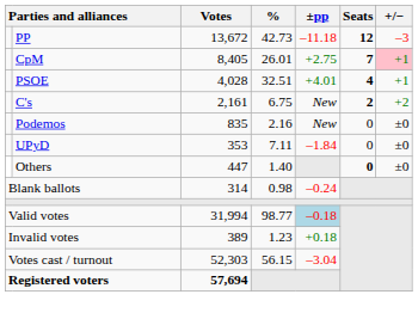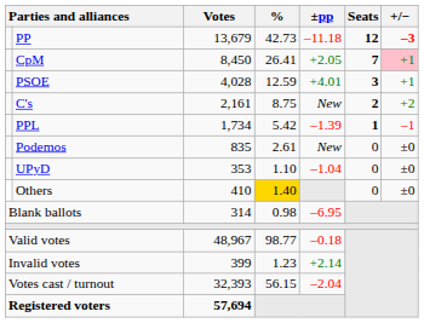 <table class="wikitable" style="text-align:right;">
 <tr>
 <th style="text-align:left;" colspan="2" width="200">Parties and alliances</th>
 <th width="75">Votes</th>
 <th width="45">%</th>
 <th width="45">±<a href='#'>pp</a></th>
 <th width="35">Seats</th>
 <th width="35">+/−</th>
 </tr>
 <tr>
 <td width="1" style="color:inherit;background:"></td>
 <td align="left"><a href='#'>PP</a></td>
-<td>13,672</td>
+<td>13,679</td>
 <td>42.73</td>
 <td style="color:red;">–11.18</td>
 <td><strong>12</strong></td>
-<td style="color:red;">–3</td>
+<td style="color:red;"><strong>–3</strong></td>
 </tr>
 <tr>
 <td style="color:inherit;background:"></td>
 <td align="left"><a href='#'>CpM</a></td>
-<td>8,405</td>
-<td>26.01</td>
-<td style="color:green;">+2.75</td>
+<td>8,450</td>
+<td>26.41</td>
+<td style="color:green;">+2.05</td>
 <td><strong>7</strong></td>
 <td style="background: pink; color:green;">+1</td>
 </tr>
 <tr>
 <td style="color:inherit;background:"></td>
 <td align="left"><a href='#'>PSOE</a></td>
 <td>4,028</td>
-<td>32.51</td>
+<td>12.59</td>
 <td style="color:green;">+4.01</td>
-<td><strong>4</strong></td>
+<td><strong>3</strong></td>
 <td style="color:green;">+1</td>
 </tr>
 <tr>
 <td style="color:inherit;background:"></td>
 <td align="left"><a href='#'>C's</a></td>
 <td>2,161</td>
-<td>6.75</td>
+<td>8.75</td>
 <td><em>New</em></td>
 <td><strong>2</strong></td>
 <td style="color:green;">+2</td>
 </tr>
 <tr>
 <td style="color:inherit;background:"></td>
+<td align="left"><a href='#'>PPL</a></td>
+<td>1,734</td>
+<td>5.42</td>
+<td style="color:red;">–1.39</td>
+<td><strong>1</strong></td>
+<td style="color:red;">–1</td>
+</tr>
+<tr>
+<td style="color:inherit;background:"></td>
 <td align="left"><a href='#'>Podemos</a></td>
 <td>835</td>
-<td>2.16</td>
+<td>2.61</td>
 <td><em>New</em></td>
 <td>0</td>
 <td>±0</td>
 </tr>
 <tr>
 <td style="color:inherit;background:"></td>
 <td align="left"><a href='#'>UPyD</a></td>
 <td>353</td>
-<td>7.11</td>
-<td style="color:red;">–1.84</td>
+<td>1.10</td>
+<td style="color:red;">–1.04</td>
 <td>0</td>
 <td>±0</td>
 </tr>
 <tr>
 <td bgcolor="white"></td>
 <td align="left">Others</td>
-<td>447</td>
-<td>1.40</td>
+<td>410</td>
+<td style="background: gold;">1.40</td>
 <td bgcolor="#E9E9E9"></td>
-<td><strong>0</strong></td>
+<td>0</td>
 <td>±0</td>
 </tr>
 <tr>
 <td align="left" colspan="2">Blank ballots</td>
 <td>314</td>
 <td>0.98</td>
-<td style="color:red;">–0.24</td>
+<td style="color:red;">–6.95</td>
 <td bgcolor="#E9E9E9" colspan="2"></td>
 </tr>
 <tr>
 <td colspan="7" bgcolor="#E9E9E9"></td>
 </tr>
 <tr>
 <td align="left" colspan="2">Valid votes</td>
-<td>31,994</td>
+<td>48,967</td>
 <td>98.77</td>
-<td style="background: lightblue; color:red;">–0.18</td>
+<td style="color:red;">–0.18</td>
 <td bgcolor="#E9E9E9" colspan="2" rowspan="4"></td>
 </tr>
 <tr>
 <td align="left" colspan="2">Invalid votes</td>
-<td>389</td>
+<td>399</td>
 <td>1.23</td>
-<td style="color:green;">+0.18</td>
+<td style="color:green;">+2.14</td>
 </tr>
 <tr>
 <td align="left" colspan="2">Votes cast / turnout</td>
-<td>52,303</td>
+<td>32,393</td>
 <td>56.15</td>
-<td style="color:red;">–3.04</td>
+<td style="color:red;">–2.04</td>
 </tr>
 <tr style="font-weight:bold;">
 <td align="left" colspan="2">Registered voters</td>
 <td>57,694</td>
 <td bgcolor="#E9E9E9" colspan="2"></td>
 </tr>
 </table>
